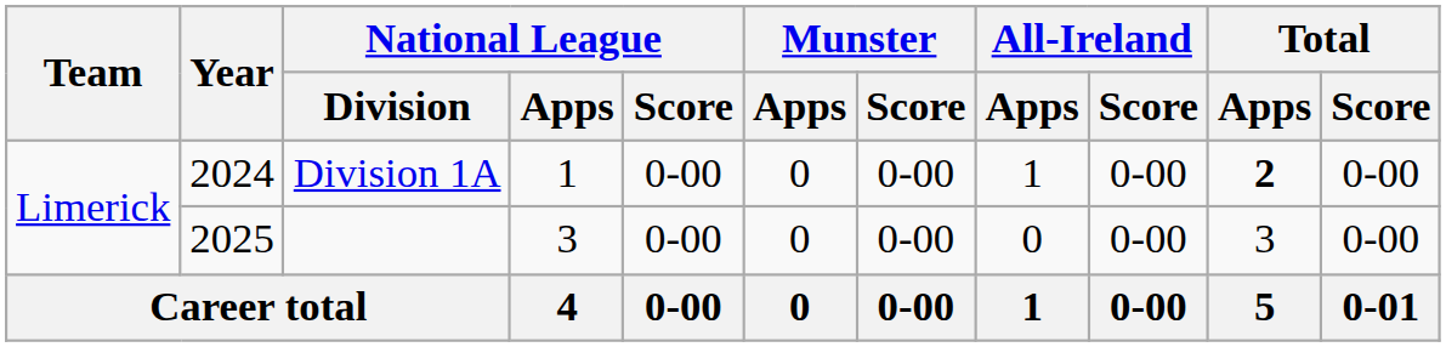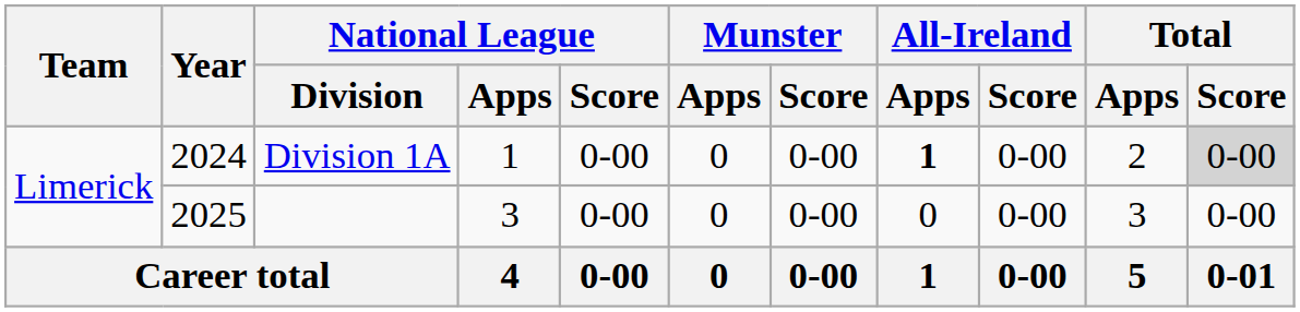 <table class="wikitable" style="text-align:center">
 <tr>
 <th rowspan="2">Team</th>
 <th rowspan="2">Year</th>
 <th colspan="3"><a href='#'>National League</a></th>
 <th colspan="2"><a href='#'>Munster</a></th>
 <th colspan="2"><a href='#'>All-Ireland</a></th>
 <th colspan="2">Total</th>
 </tr>
 <tr>
 <th>Division</th>
 <th>Apps</th>
 <th>Score</th>
 <th>Apps</th>
 <th>Score</th>
 <th>Apps</th>
 <th>Score</th>
 <th>Apps</th>
 <th>Score</th>
 </tr>
 <tr>
 <td rowspan="2"><a href='#'>Limerick</a></td>
 <td>2024</td>
 <td rowspan="1"><a href='#'>Division 1A</a></td>
 <td>1</td>
 <td>0-00</td>
 <td>0</td>
 <td>0-00</td>
-<td>1</td>
+<td><strong>1</strong></td>
 <td>0-00</td>
-<td><strong>2</strong></td>
-<td>0-00</td>
+<td>2</td>
+<td style="background: lightgrey;">0-00</td>
 </tr>
 <tr>
 <td>2025</td>
 <td></td>
 <td>3</td>
 <td>0-00</td>
 <td>0</td>
 <td>0-00</td>
 <td>0</td>
 <td>0-00</td>
 <td>3</td>
 <td>0-00</td>
 </tr>
 <tr>
 <th colspan="3">Career total</th>
 <th>4</th>
 <th>0-00</th>
 <th>0</th>
 <th>0-00</th>
 <th>1</th>
 <th>0-00</th>
 <th>5</th>
 <th>0-01</th>
 </tr>
 </table>
